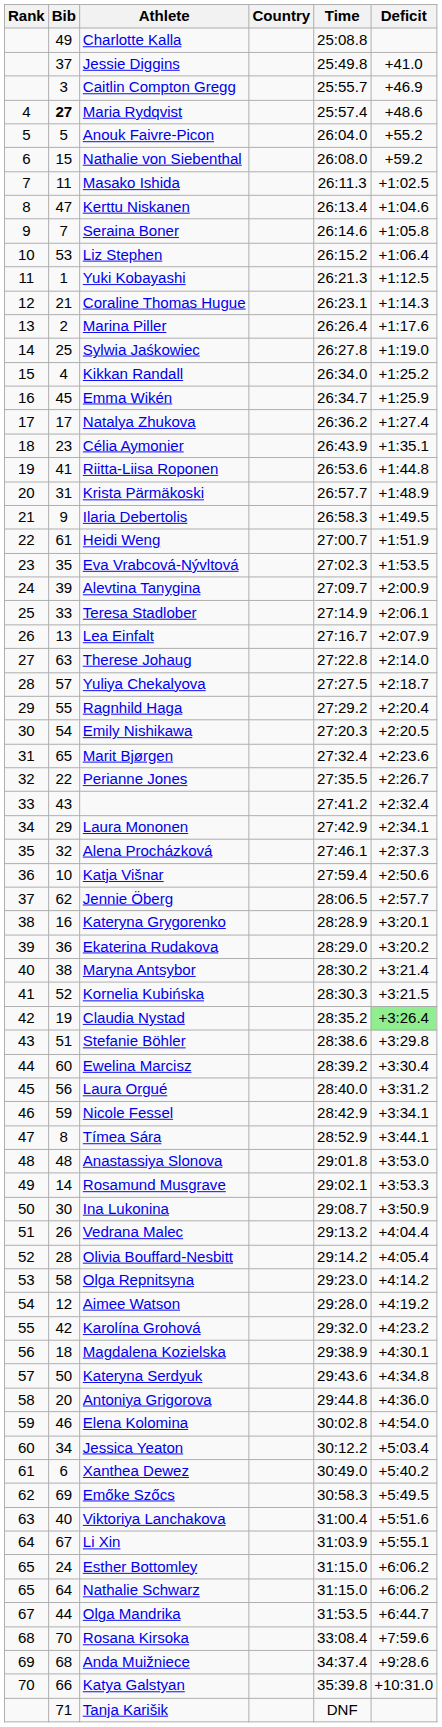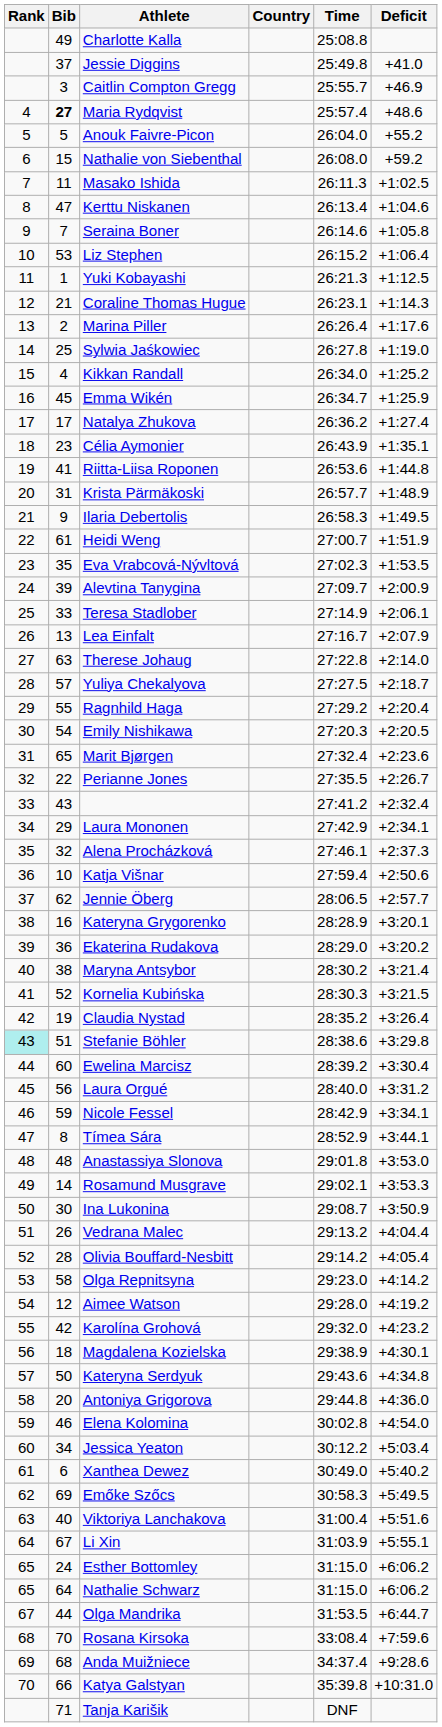 <table class="wikitable sortable" style="text-align:center">
 <tr>
 <th>Rank</th>
 <th>Bib</th>
 <th>Athlete</th>
 <th>Country</th>
 <th>Time</th>
 <th>Deficit</th>
 </tr>
 <tr>
 <td></td>
 <td>49</td>
 <td align=left><a href='#'>Charlotte Kalla</a></td>
 <td align=left></td>
 <td>25:08.8</td>
 <td></td>
 </tr>
 <tr>
 <td></td>
 <td>37</td>
 <td align=left><a href='#'>Jessie Diggins</a></td>
 <td align=left></td>
 <td>25:49.8</td>
 <td>+41.0</td>
 </tr>
 <tr>
 <td></td>
 <td>3</td>
 <td align=left><a href='#'>Caitlin Compton Gregg</a></td>
 <td align=left></td>
 <td>25:55.7</td>
 <td>+46.9</td>
 </tr>
 <tr>
 <td>4</td>
 <td><strong>27</strong></td>
 <td align=left><a href='#'>Maria Rydqvist</a></td>
 <td align=left></td>
 <td>25:57.4</td>
 <td>+48.6</td>
 </tr>
 <tr>
 <td>5</td>
 <td>5</td>
 <td align=left><a href='#'>Anouk Faivre-Picon</a></td>
 <td align=left></td>
 <td>26:04.0</td>
 <td>+55.2</td>
 </tr>
 <tr>
 <td>6</td>
 <td>15</td>
 <td align=left><a href='#'>Nathalie von Siebenthal</a></td>
 <td align=left></td>
 <td>26:08.0</td>
 <td>+59.2</td>
 </tr>
 <tr>
 <td>7</td>
 <td>11</td>
 <td align=left><a href='#'>Masako Ishida</a></td>
 <td align=left></td>
 <td>26:11.3</td>
 <td>+1:02.5</td>
 </tr>
 <tr>
 <td>8</td>
 <td>47</td>
 <td align=left><a href='#'>Kerttu Niskanen</a></td>
 <td align=left></td>
 <td>26:13.4</td>
 <td>+1:04.6</td>
 </tr>
 <tr>
 <td>9</td>
 <td>7</td>
 <td align=left><a href='#'>Seraina Boner</a></td>
 <td align=left></td>
 <td>26:14.6</td>
 <td>+1:05.8</td>
 </tr>
 <tr>
 <td>10</td>
 <td>53</td>
 <td align=left><a href='#'>Liz Stephen</a></td>
 <td align=left></td>
 <td>26:15.2</td>
 <td>+1:06.4</td>
 </tr>
 <tr>
 <td>11</td>
 <td>1</td>
 <td align=left><a href='#'>Yuki Kobayashi</a></td>
 <td align=left></td>
 <td>26:21.3</td>
 <td>+1:12.5</td>
 </tr>
 <tr>
 <td>12</td>
 <td>21</td>
 <td align=left><a href='#'>Coraline Thomas Hugue</a></td>
 <td align=left></td>
 <td>26:23.1</td>
 <td>+1:14.3</td>
 </tr>
 <tr>
 <td>13</td>
 <td>2</td>
 <td align=left><a href='#'>Marina Piller</a></td>
 <td align=left></td>
 <td>26:26.4</td>
 <td>+1:17.6</td>
 </tr>
 <tr>
 <td>14</td>
 <td>25</td>
 <td align=left><a href='#'>Sylwia Jaśkowiec</a></td>
 <td align=left></td>
 <td>26:27.8</td>
 <td>+1:19.0</td>
 </tr>
 <tr>
 <td>15</td>
 <td>4</td>
 <td align=left><a href='#'>Kikkan Randall</a></td>
 <td align=left></td>
 <td>26:34.0</td>
 <td>+1:25.2</td>
 </tr>
 <tr>
 <td>16</td>
 <td>45</td>
 <td align=left><a href='#'>Emma Wikén</a></td>
 <td align=left></td>
 <td>26:34.7</td>
 <td>+1:25.9</td>
 </tr>
 <tr>
 <td>17</td>
 <td>17</td>
 <td align=left><a href='#'>Natalya Zhukova</a></td>
 <td align=left></td>
 <td>26:36.2</td>
 <td>+1:27.4</td>
 </tr>
 <tr>
 <td>18</td>
 <td>23</td>
 <td align=left><a href='#'>Célia Aymonier</a></td>
 <td align=left></td>
 <td>26:43.9</td>
 <td>+1:35.1</td>
 </tr>
 <tr>
 <td>19</td>
 <td>41</td>
 <td align=left><a href='#'>Riitta-Liisa Roponen</a></td>
 <td align=left></td>
 <td>26:53.6</td>
 <td>+1:44.8</td>
 </tr>
 <tr>
 <td>20</td>
 <td>31</td>
 <td align=left><a href='#'>Krista Pärmäkoski</a></td>
 <td align=left></td>
 <td>26:57.7</td>
 <td>+1:48.9</td>
 </tr>
 <tr>
 <td>21</td>
 <td>9</td>
 <td align=left><a href='#'>Ilaria Debertolis</a></td>
 <td align=left></td>
 <td>26:58.3</td>
 <td>+1:49.5</td>
 </tr>
 <tr>
 <td>22</td>
 <td>61</td>
 <td align=left><a href='#'>Heidi Weng</a></td>
 <td align=left></td>
 <td>27:00.7</td>
 <td>+1:51.9</td>
 </tr>
 <tr>
 <td>23</td>
 <td>35</td>
 <td align=left><a href='#'>Eva Vrabcová-Nývltová</a></td>
 <td align=left></td>
 <td>27:02.3</td>
 <td>+1:53.5</td>
 </tr>
 <tr>
 <td>24</td>
 <td>39</td>
 <td align=left><a href='#'>Alevtina Tanygina</a></td>
 <td align=left></td>
 <td>27:09.7</td>
 <td>+2:00.9</td>
 </tr>
 <tr>
 <td>25</td>
 <td>33</td>
 <td align=left><a href='#'>Teresa Stadlober</a></td>
 <td align=left></td>
 <td>27:14.9</td>
 <td>+2:06.1</td>
 </tr>
 <tr>
 <td>26</td>
 <td>13</td>
 <td align=left><a href='#'>Lea Einfalt</a></td>
 <td align=left></td>
 <td>27:16.7</td>
 <td>+2:07.9</td>
 </tr>
 <tr>
 <td>27</td>
 <td>63</td>
 <td align=left><a href='#'>Therese Johaug</a></td>
 <td align=left></td>
 <td>27:22.8</td>
 <td>+2:14.0</td>
 </tr>
 <tr>
 <td>28</td>
 <td>57</td>
 <td align=left><a href='#'>Yuliya Chekalyova</a></td>
 <td align=left></td>
 <td>27:27.5</td>
 <td>+2:18.7</td>
 </tr>
 <tr>
 <td>29</td>
 <td>55</td>
 <td align=left><a href='#'>Ragnhild Haga</a></td>
 <td align=left></td>
 <td>27:29.2</td>
 <td>+2:20.4</td>
 </tr>
 <tr>
 <td>30</td>
 <td>54</td>
 <td align=left><a href='#'>Emily Nishikawa</a></td>
 <td align=left></td>
 <td>27:20.3</td>
 <td>+2:20.5</td>
 </tr>
 <tr>
 <td>31</td>
 <td>65</td>
 <td align=left><a href='#'>Marit Bjørgen</a></td>
 <td align=left></td>
 <td>27:32.4</td>
 <td>+2:23.6</td>
 </tr>
 <tr>
 <td>32</td>
 <td>22</td>
 <td align=left><a href='#'>Perianne Jones</a></td>
 <td align=left></td>
 <td>27:35.5</td>
 <td>+2:26.7</td>
 </tr>
 <tr>
 <td>33</td>
 <td>43</td>
 <td align=left></td>
 <td align=left></td>
 <td>27:41.2</td>
 <td>+2:32.4</td>
 </tr>
 <tr>
 <td>34</td>
 <td>29</td>
 <td align=left><a href='#'>Laura Mononen</a></td>
 <td align=left></td>
 <td>27:42.9</td>
 <td>+2:34.1</td>
 </tr>
 <tr>
 <td>35</td>
 <td>32</td>
 <td align=left><a href='#'>Alena Procházková</a></td>
 <td align=left></td>
 <td>27:46.1</td>
 <td>+2:37.3</td>
 </tr>
 <tr>
 <td>36</td>
 <td>10</td>
 <td align=left><a href='#'>Katja Višnar</a></td>
 <td align=left></td>
 <td>27:59.4</td>
 <td>+2:50.6</td>
 </tr>
 <tr>
 <td>37</td>
 <td>62</td>
 <td align=left><a href='#'>Jennie Öberg</a></td>
 <td align=left></td>
 <td>28:06.5</td>
 <td>+2:57.7</td>
 </tr>
 <tr>
 <td>38</td>
 <td>16</td>
 <td align=left><a href='#'>Kateryna Grygorenko</a></td>
 <td align=left></td>
 <td>28:28.9</td>
 <td>+3:20.1</td>
 </tr>
 <tr>
 <td>39</td>
 <td>36</td>
 <td align=left><a href='#'>Ekaterina Rudakova</a></td>
 <td align=left></td>
 <td>28:29.0</td>
 <td>+3:20.2</td>
 </tr>
 <tr>
 <td>40</td>
 <td>38</td>
 <td align=left><a href='#'>Maryna Antsybor</a></td>
 <td align=left></td>
 <td>28:30.2</td>
 <td>+3:21.4</td>
 </tr>
 <tr>
 <td>41</td>
 <td>52</td>
 <td align=left><a href='#'>Kornelia Kubińska</a></td>
 <td align=left></td>
 <td>28:30.3</td>
 <td>+3:21.5</td>
 </tr>
 <tr>
 <td>42</td>
 <td>19</td>
 <td align=left><a href='#'>Claudia Nystad</a></td>
 <td align=left></td>
 <td>28:35.2</td>
-<td style="background: lightgreen;">+3:26.4</td>
+<td>+3:26.4</td>
 </tr>
 <tr>
-<td>43</td>
+<td style="background: paleturquoise;">43</td>
 <td>51</td>
 <td align=left><a href='#'>Stefanie Böhler</a></td>
 <td align=left></td>
 <td>28:38.6</td>
 <td>+3:29.8</td>
 </tr>
 <tr>
 <td>44</td>
 <td>60</td>
 <td align=left><a href='#'>Ewelina Marcisz</a></td>
 <td align=left></td>
 <td>28:39.2</td>
 <td>+3:30.4</td>
 </tr>
 <tr>
 <td>45</td>
 <td>56</td>
 <td align=left><a href='#'>Laura Orgué</a></td>
 <td align=left></td>
 <td>28:40.0</td>
 <td>+3:31.2</td>
 </tr>
 <tr>
 <td>46</td>
 <td>59</td>
 <td align=left><a href='#'>Nicole Fessel</a></td>
 <td align=left></td>
 <td>28:42.9</td>
 <td>+3:34.1</td>
 </tr>
 <tr>
 <td>47</td>
 <td>8</td>
 <td align=left><a href='#'>Tímea Sára</a></td>
 <td align=left></td>
 <td>28:52.9</td>
 <td>+3:44.1</td>
 </tr>
 <tr>
 <td>48</td>
 <td>48</td>
 <td align=left><a href='#'>Anastassiya Slonova</a></td>
 <td align=left></td>
 <td>29:01.8</td>
 <td>+3:53.0</td>
 </tr>
 <tr>
 <td>49</td>
 <td>14</td>
 <td align=left><a href='#'>Rosamund Musgrave</a></td>
 <td align=left></td>
 <td>29:02.1</td>
 <td>+3:53.3</td>
 </tr>
 <tr>
 <td>50</td>
 <td>30</td>
 <td align=left><a href='#'>Ina Lukonina</a></td>
 <td align=left></td>
 <td>29:08.7</td>
 <td>+3:50.9</td>
 </tr>
 <tr>
 <td>51</td>
 <td>26</td>
 <td align=left><a href='#'>Vedrana Malec</a></td>
 <td align=left></td>
 <td>29:13.2</td>
 <td>+4:04.4</td>
 </tr>
 <tr>
 <td>52</td>
 <td>28</td>
 <td align=left><a href='#'>Olivia Bouffard-Nesbitt</a></td>
 <td align=left></td>
 <td>29:14.2</td>
 <td>+4:05.4</td>
 </tr>
 <tr>
 <td>53</td>
 <td>58</td>
 <td align=left><a href='#'>Olga Repnitsyna</a></td>
 <td align=left></td>
 <td>29:23.0</td>
 <td>+4:14.2</td>
 </tr>
 <tr>
 <td>54</td>
 <td>12</td>
 <td align=left><a href='#'>Aimee Watson</a></td>
 <td align=left></td>
 <td>29:28.0</td>
 <td>+4:19.2</td>
 </tr>
 <tr>
 <td>55</td>
 <td>42</td>
 <td align=left><a href='#'>Karolína Grohová</a></td>
 <td align=left></td>
 <td>29:32.0</td>
 <td>+4:23.2</td>
 </tr>
 <tr>
 <td>56</td>
 <td>18</td>
 <td align=left><a href='#'>Magdalena Kozielska</a></td>
 <td align=left></td>
 <td>29:38.9</td>
 <td>+4:30.1</td>
 </tr>
 <tr>
 <td>57</td>
 <td>50</td>
 <td align=left><a href='#'>Kateryna Serdyuk</a></td>
 <td align=left></td>
 <td>29:43.6</td>
 <td>+4:34.8</td>
 </tr>
 <tr>
 <td>58</td>
 <td>20</td>
 <td align=left><a href='#'>Antoniya Grigorova</a></td>
 <td align=left></td>
 <td>29:44.8</td>
 <td>+4:36.0</td>
 </tr>
 <tr>
 <td>59</td>
 <td>46</td>
 <td align=left><a href='#'>Elena Kolomina</a></td>
 <td align=left></td>
 <td>30:02.8</td>
 <td>+4:54.0</td>
 </tr>
 <tr>
 <td>60</td>
 <td>34</td>
 <td align=left><a href='#'>Jessica Yeaton</a></td>
 <td align=left></td>
 <td>30:12.2</td>
 <td>+5:03.4</td>
 </tr>
 <tr>
 <td>61</td>
 <td>6</td>
 <td align=left><a href='#'>Xanthea Dewez</a></td>
 <td align=left></td>
 <td>30:49.0</td>
 <td>+5:40.2</td>
 </tr>
 <tr>
 <td>62</td>
 <td>69</td>
 <td align=left><a href='#'>Emőke Szőcs</a></td>
 <td align=left></td>
 <td>30:58.3</td>
 <td>+5:49.5</td>
 </tr>
 <tr>
 <td>63</td>
 <td>40</td>
 <td align=left><a href='#'>Viktoriya Lanchakova</a></td>
 <td align=left></td>
 <td>31:00.4</td>
 <td>+5:51.6</td>
 </tr>
 <tr>
 <td>64</td>
 <td>67</td>
 <td align=left><a href='#'>Li Xin</a></td>
 <td align=left></td>
 <td>31:03.9</td>
 <td>+5:55.1</td>
 </tr>
 <tr>
 <td>65</td>
 <td>24</td>
 <td align=left><a href='#'>Esther Bottomley</a></td>
 <td align=left></td>
 <td>31:15.0</td>
 <td>+6:06.2</td>
 </tr>
 <tr>
 <td>65</td>
 <td>64</td>
 <td align=left><a href='#'>Nathalie Schwarz</a></td>
 <td align=left></td>
 <td>31:15.0</td>
 <td>+6:06.2</td>
 </tr>
 <tr>
 <td>67</td>
 <td>44</td>
 <td align=left><a href='#'>Olga Mandrika</a></td>
 <td align=left></td>
 <td>31:53.5</td>
 <td>+6:44.7</td>
 </tr>
 <tr>
 <td>68</td>
 <td>70</td>
 <td align=left><a href='#'>Rosana Kirsoka</a></td>
 <td align=left></td>
 <td>33:08.4</td>
 <td>+7:59.6</td>
 </tr>
 <tr>
 <td>69</td>
 <td>68</td>
 <td align=left><a href='#'>Anda Muižniece</a></td>
 <td align=left></td>
 <td>34:37.4</td>
 <td>+9:28.6</td>
 </tr>
 <tr>
 <td>70</td>
 <td>66</td>
 <td align=left><a href='#'>Katya Galstyan</a></td>
 <td align=left></td>
 <td>35:39.8</td>
 <td>+10:31.0</td>
 </tr>
 <tr>
 <td></td>
 <td>71</td>
 <td align=left><a href='#'>Tanja Karišik</a></td>
 <td align=left></td>
 <td>DNF</td>
 <td></td>
 </tr>
 </table>
